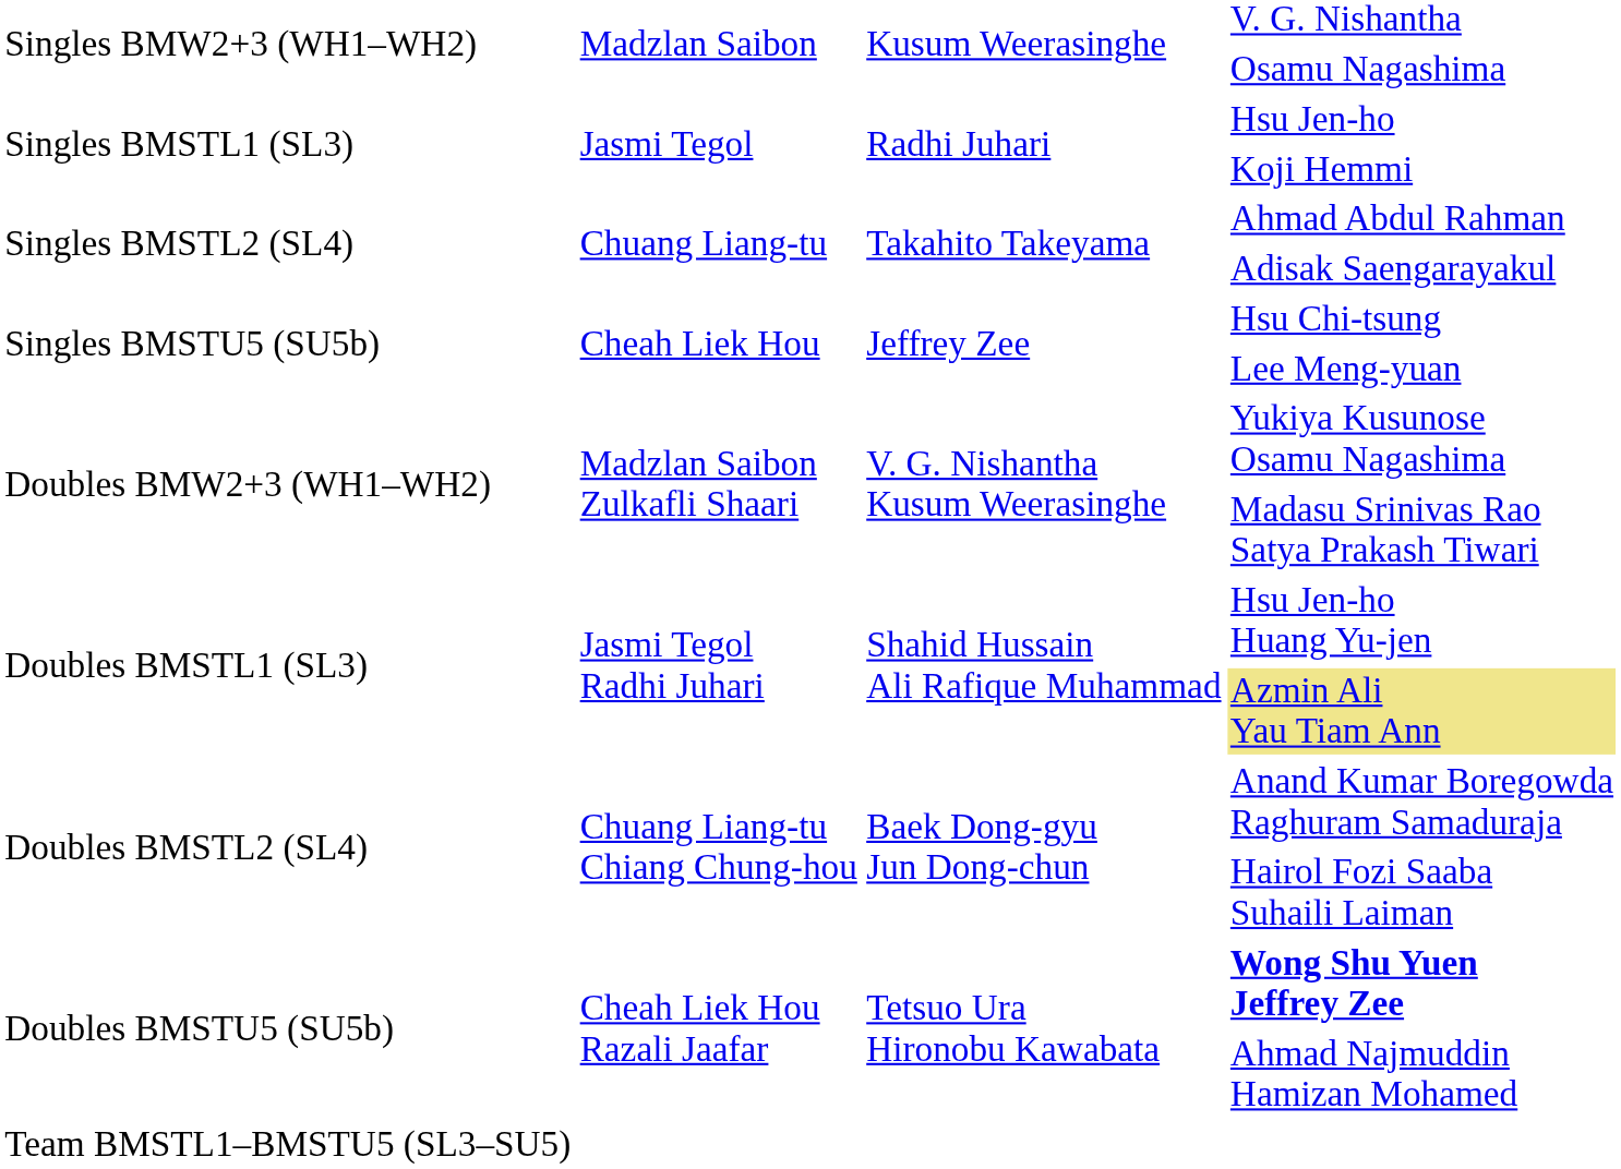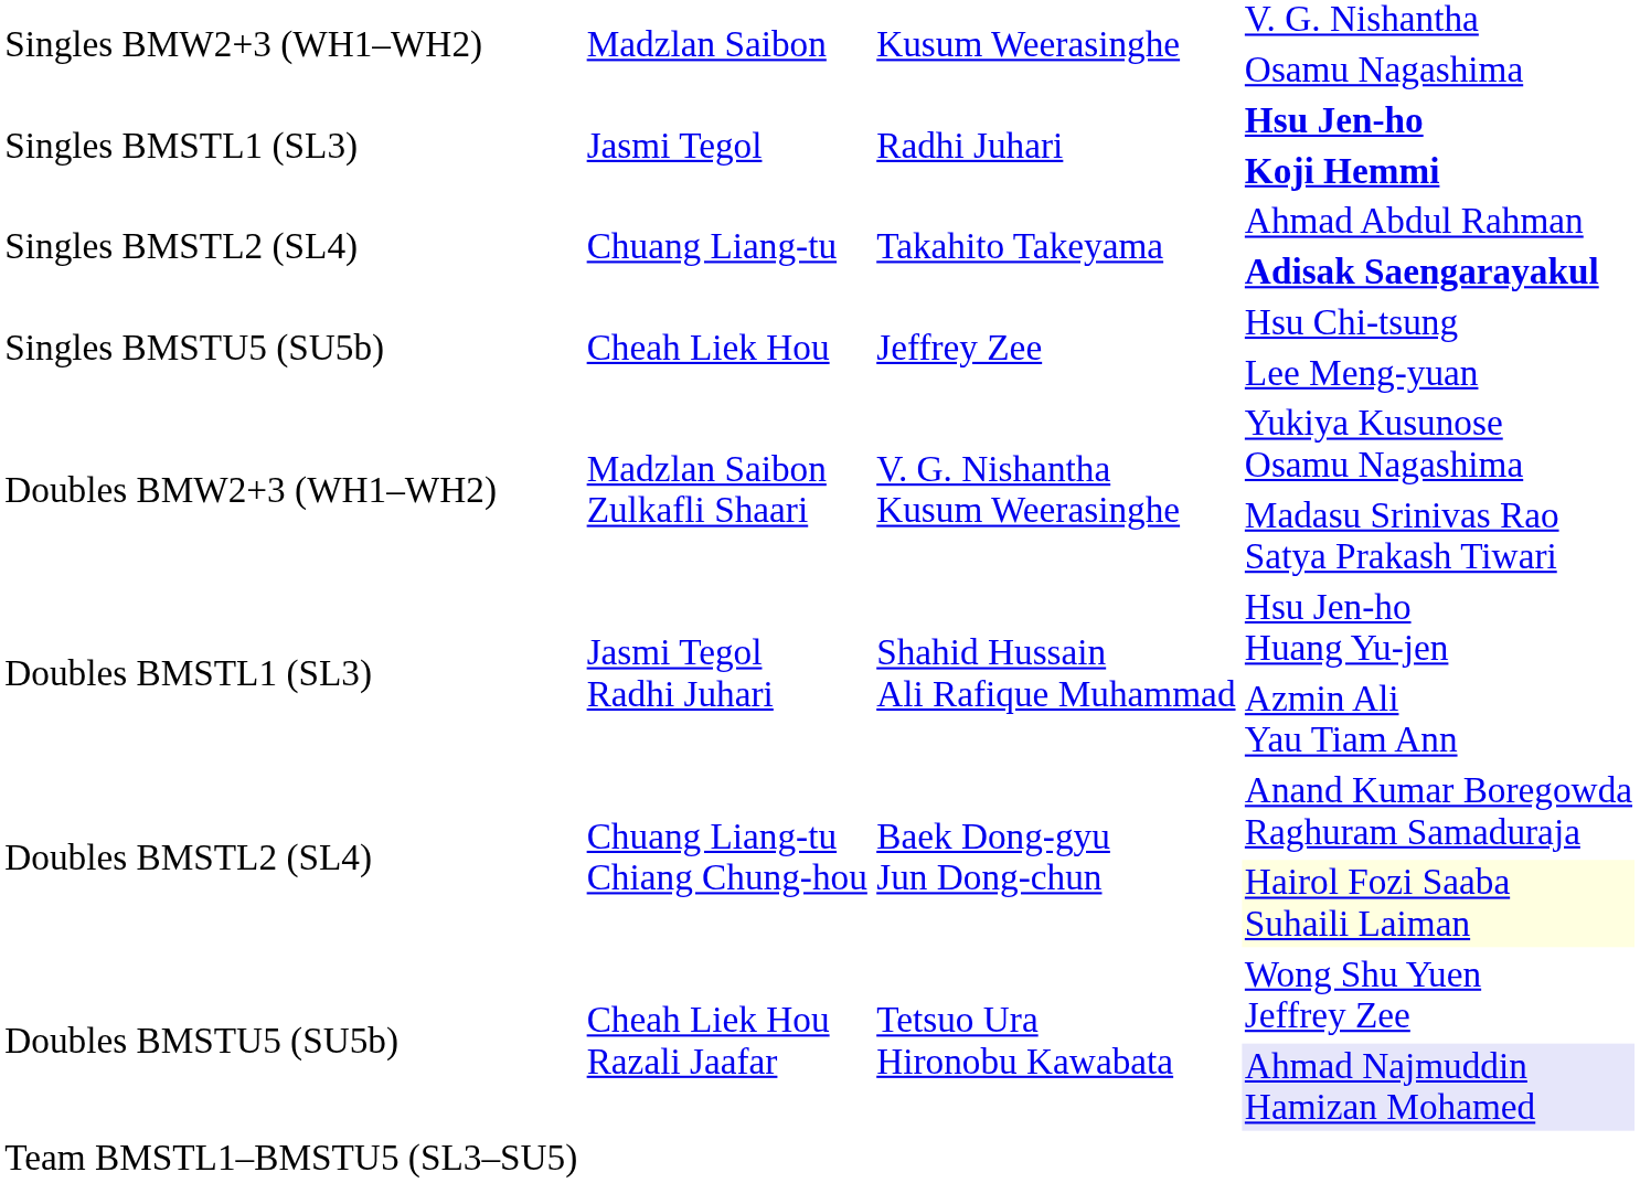 <table>
 <tr>
 <td rowspan=2>Singles BMW2+3 (WH1–WH2)</td>
 <td rowspan=2> <a href='#'>Madzlan Saibon</a></td>
 <td rowspan=2> <a href='#'>Kusum Weerasinghe</a></td>
 <td> <a href='#'>V. G. Nishantha</a></td>
 </tr>
 <tr>
 <td> <a href='#'>Osamu Nagashima</a></td>
 </tr>
 <tr>
 <td rowspan=2>Singles BMSTL1 (SL3)</td>
 <td rowspan=2> <a href='#'>Jasmi Tegol</a></td>
 <td rowspan=2> <a href='#'>Radhi Juhari</a></td>
-<td> <a href='#'>Hsu Jen-ho</a></td>
+<td><strong> <a href='#'>Hsu Jen-ho</a></strong></td>
 </tr>
 <tr>
-<td> <a href='#'>Koji Hemmi</a></td>
+<td><strong> <a href='#'>Koji Hemmi</a></strong></td>
 </tr>
 <tr>
 <td rowspan=2>Singles BMSTL2 (SL4)</td>
 <td rowspan=2> <a href='#'>Chuang Liang-tu</a></td>
 <td rowspan=2> <a href='#'>Takahito Takeyama</a></td>
 <td> <a href='#'>Ahmad Abdul Rahman</a></td>
 </tr>
 <tr>
-<td> <a href='#'>Adisak Saengarayakul</a></td>
+<td><strong> <a href='#'>Adisak Saengarayakul</a></strong></td>
 </tr>
 <tr>
 <td rowspan=2>Singles BMSTU5 (SU5b)</td>
 <td rowspan=2> <a href='#'>Cheah Liek Hou</a></td>
 <td rowspan=2> <a href='#'>Jeffrey Zee</a></td>
 <td> <a href='#'>Hsu Chi-tsung</a></td>
 </tr>
 <tr>
 <td> <a href='#'>Lee Meng-yuan</a></td>
 </tr>
 <tr>
 <td rowspan=2>Doubles BMW2+3 (WH1–WH2)</td>
 <td rowspan=2> <a href='#'>Madzlan Saibon</a><br> <a href='#'>Zulkafli Shaari</a></td>
 <td rowspan=2> <a href='#'>V. G. Nishantha</a><br> <a href='#'>Kusum Weerasinghe</a></td>
 <td> <a href='#'>Yukiya Kusunose</a><br> <a href='#'>Osamu Nagashima</a></td>
 </tr>
 <tr>
 <td> <a href='#'>Madasu Srinivas Rao</a><br> <a href='#'>Satya Prakash Tiwari</a></td>
 </tr>
 <tr>
 <td rowspan=2>Doubles BMSTL1 (SL3)</td>
 <td rowspan=2> <a href='#'>Jasmi Tegol</a><br> <a href='#'>Radhi Juhari</a></td>
 <td rowspan=2> <a href='#'>Shahid Hussain</a><br> <a href='#'>Ali Rafique Muhammad</a></td>
 <td> <a href='#'>Hsu Jen-ho</a><br> <a href='#'>Huang Yu-jen</a></td>
 </tr>
 <tr>
-<td style="background: khaki;"> <a href='#'>Azmin Ali</a><br> <a href='#'>Yau Tiam Ann</a></td>
+<td> <a href='#'>Azmin Ali</a><br> <a href='#'>Yau Tiam Ann</a></td>
 </tr>
 <tr>
 <td rowspan=2>Doubles BMSTL2 (SL4)</td>
 <td rowspan=2> <a href='#'>Chuang Liang-tu</a><br> <a href='#'>Chiang Chung-hou</a></td>
 <td rowspan=2> <a href='#'>Baek Dong-gyu</a><br> <a href='#'>Jun Dong-chun</a></td>
 <td> <a href='#'>Anand Kumar Boregowda</a><br> <a href='#'>Raghuram Samaduraja</a></td>
 </tr>
 <tr>
-<td> <a href='#'>Hairol Fozi Saaba</a><br> <a href='#'>Suhaili Laiman</a></td>
+<td style="background: lightyellow;"> <a href='#'>Hairol Fozi Saaba</a><br> <a href='#'>Suhaili Laiman</a></td>
 </tr>
 <tr>
 <td rowspan=2>Doubles BMSTU5 (SU5b)</td>
 <td rowspan=2> <a href='#'>Cheah Liek Hou</a><br> <a href='#'>Razali Jaafar</a></td>
 <td rowspan=2> <a href='#'>Tetsuo Ura</a><br> <a href='#'>Hironobu Kawabata</a></td>
-<td><strong> <a href='#'>Wong Shu Yuen</a><br> <a href='#'>Jeffrey Zee</a></strong></td>
+<td> <a href='#'>Wong Shu Yuen</a><br> <a href='#'>Jeffrey Zee</a></td>
 </tr>
 <tr>
-<td> <a href='#'>Ahmad Najmuddin</a><br> <a href='#'>Hamizan Mohamed</a></td>
+<td style="background: lavender;"> <a href='#'>Ahmad Najmuddin</a><br> <a href='#'>Hamizan Mohamed</a></td>
 </tr>
 <tr>
 <td rowspan=2>Team BMSTL1–BMSTU5 (SL3–SU5)</td>
 <td rowspan=2></td>
 <td rowspan=2></td>
 <td></td>
 </tr>
 <tr>
 <td></td>
 </tr>
 </table>
